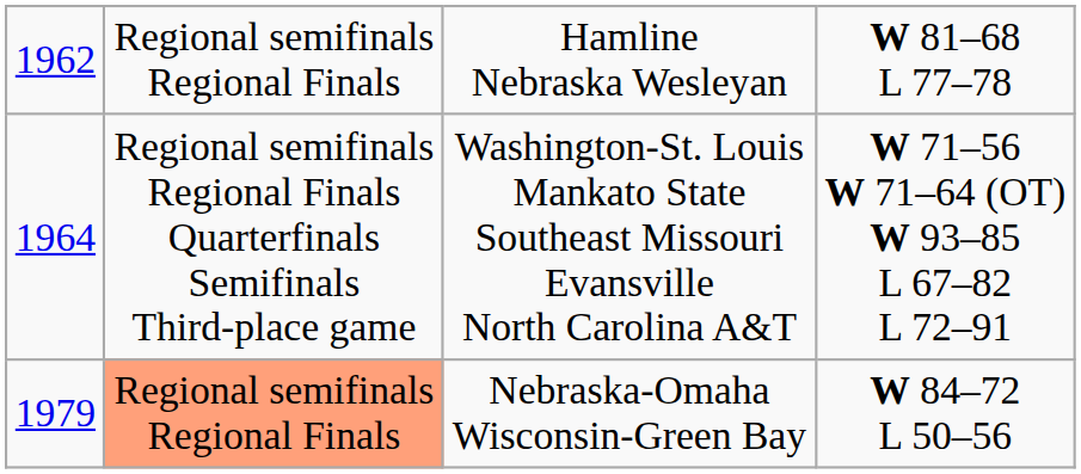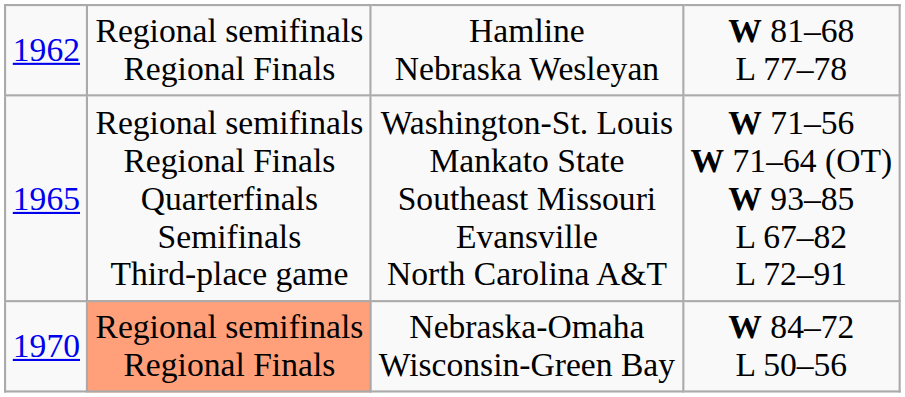 <table class="wikitable">
 <tr align="center">
 <td><a href='#'>1962</a></td>
 <td>Regional semifinals<br>Regional Finals</td>
 <td>Hamline<br>Nebraska Wesleyan</td>
 <td><strong>W</strong> 81–68<br> L 77–78</td>
 </tr>
 <tr align="center">
-<td><a href='#'>1964</a></td>
+<td><a href='#'>1965</a></td>
 <td>Regional semifinals<br>Regional Finals<br>Quarterfinals<br>Semifinals<br>Third-place game</td>
 <td>Washington-St. Louis <br> Mankato State <br> Southeast Missouri<br>Evansville<br>North Carolina A&T</td>
 <td><strong>W</strong> 71–56<br><strong>W</strong> 71–64 (OT)<br><strong>W</strong> 93–85<br>L 67–82<br>L 72–91</td>
 </tr>
 <tr align="center">
-<td><a href='#'>1979</a></td>
+<td><a href='#'>1970</a></td>
 <td style="background: lightsalmon;">Regional semifinals<br>Regional Finals</td>
 <td>Nebraska-Omaha<br>Wisconsin-Green Bay</td>
 <td><strong>W</strong> 84–72<br> L 50–56</td>
 </tr>
 </table>
